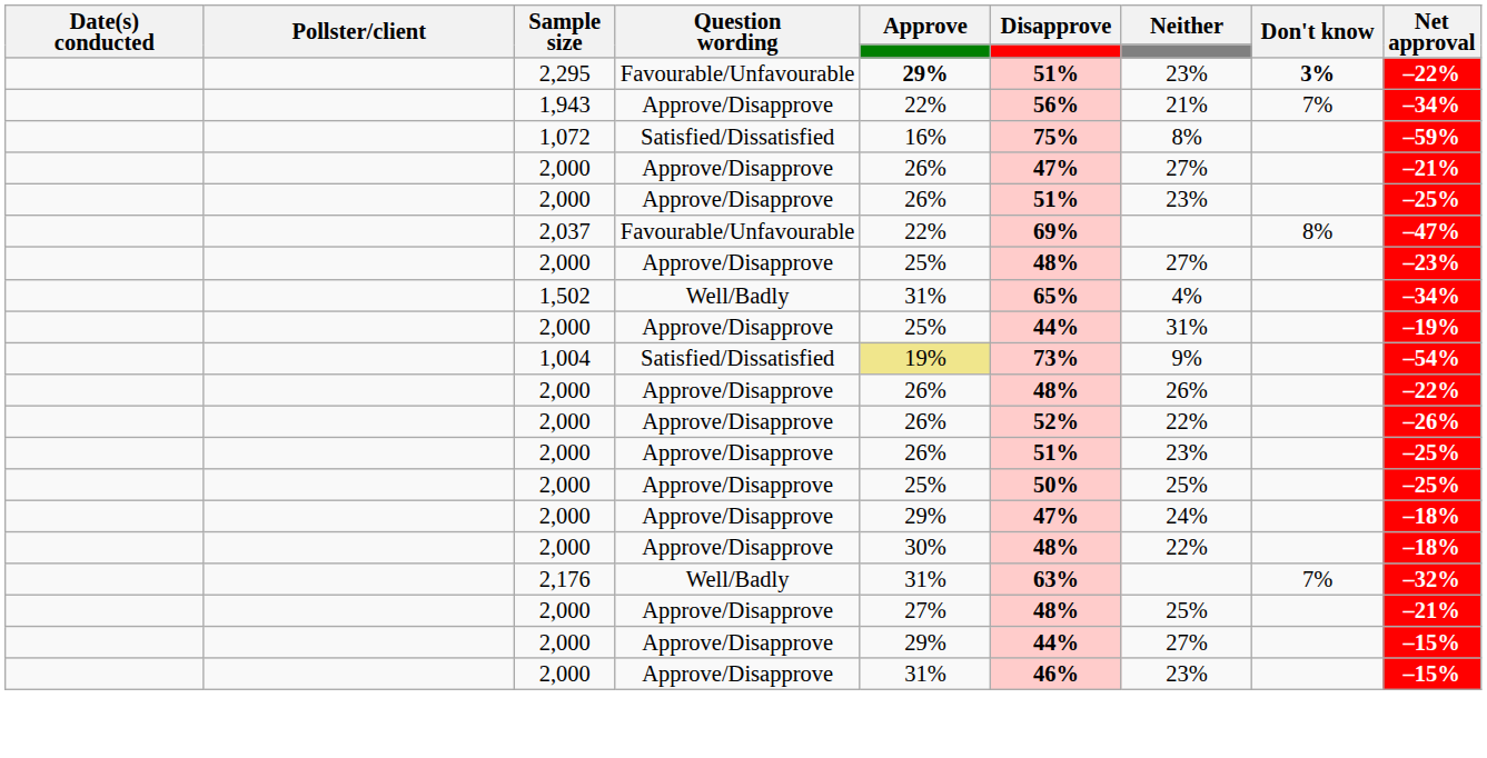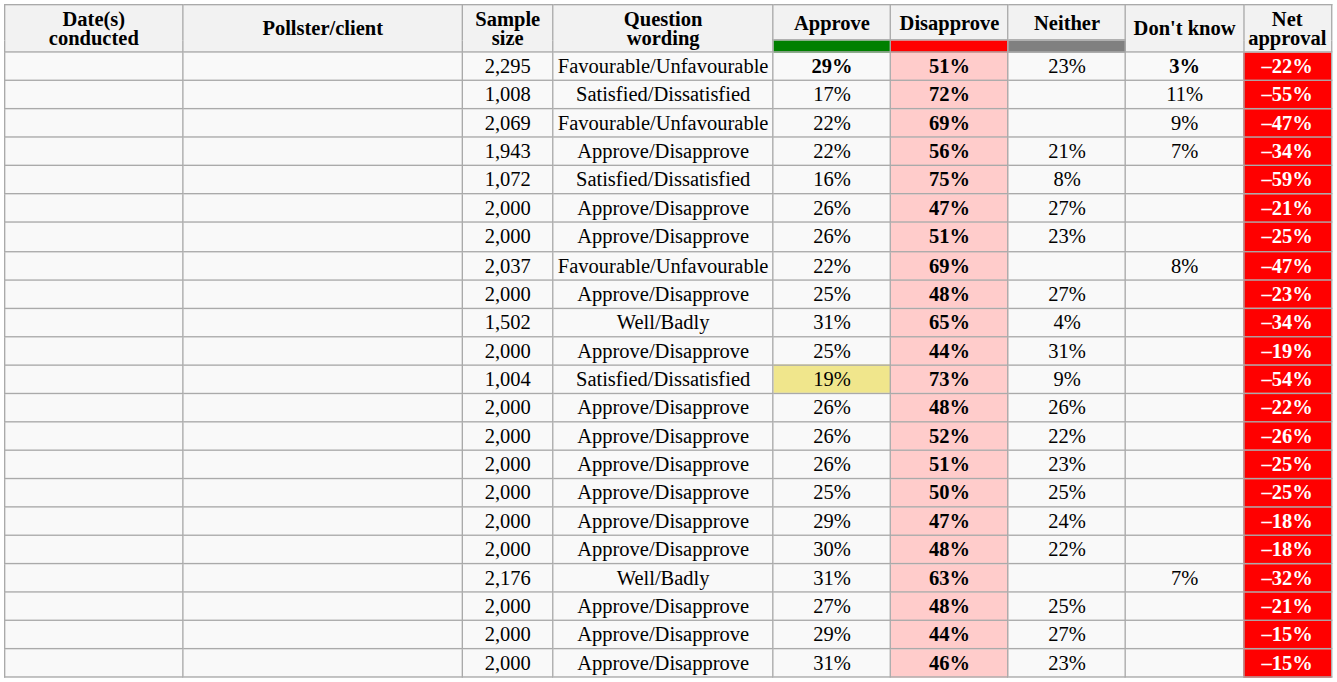 <table class="wikitable collapsible sortable mw-datatable" style="text-align:center;font-size:95%;line-height:14px;">
 <tr>
 <th style="width:125px;" rowspan="2">Date(s)<br>conducted</th>
 <th style="width:200px;" rowspan="2">Pollster/client</th>
 <th style="width:60px;" rowspan="2">Sample size</th>
 <th style="width:120px;" rowspan="2">Question<br>wording</th>
 <th class="unsortable" style="width:80px;">Approve</th>
 <th class="unsortable" style="width: 80px;">Disapprove</th>
 <th class="unsortable" style="width:80px;">Neither</th>
 <th class="unsortable" style="width:80px;" rowspan="2">Don't know</th>
 <th class="unsortable" style="width:20px;" rowspan="2">Net approval</th>
 </tr>
 <tr>
 <th class="unsortable" style="color:inherit;background:green;width:60px;"></th>
 <th class="unsortable" style="color:inherit;background:red;width:60px;"></th>
 <th class="unsortable" style="background:grey;width:60px;"></th>
 </tr>
 <tr>
 <td></td>
 <td></td>
 <td>2,295</td>
 <td>Favourable/Unfavourable</td>
 <td><strong>29%</strong></td>
 <td style="background:#ffcccb"><strong>51%</strong></td>
 <td>23%</td>
 <td><strong>3%</strong></td>
 <td style="background:red;color:white"><strong>–22%</strong></td>
+</tr>
+<tr>
+<td></td>
+<td></td>
+<td>1,008</td>
+<td>Satisfied/Dissatisfied</td>
+<td>17%</td>
+<td style="background:#ffcccb"><strong>72%</strong></td>
+<td></td>
+<td>11%</td>
+<td style="background:red;color:white"><strong>–55%</strong></td>
+</tr>
+<tr>
+<td></td>
+<td></td>
+<td>2,069</td>
+<td>Favourable/Unfavourable</td>
+<td>22%</td>
+<td style="background:#ffcccb"><strong>69%</strong></td>
+<td></td>
+<td>9%</td>
+<td style="background:red;color:white"><strong>–47%</strong></td>
 </tr>
 <tr>
 <td></td>
 <td></td>
 <td>1,943</td>
 <td>Approve/Disapprove</td>
 <td>22%</td>
 <td style="background:#ffcccb"><strong>56%</strong></td>
 <td>21%</td>
 <td>7%</td>
 <td style="background:red;color:white"><strong>–34%</strong></td>
 </tr>
 <tr>
 <td></td>
 <td></td>
 <td>1,072</td>
 <td>Satisfied/Dissatisfied</td>
 <td>16%</td>
 <td style="background:#ffcccb"><strong>75%</strong></td>
 <td>8%</td>
 <td></td>
 <td style="background:red;color:white"><strong>–59%</strong></td>
 </tr>
 <tr>
 <td></td>
 <td></td>
 <td>2,000</td>
 <td>Approve/Disapprove</td>
 <td>26%</td>
 <td style="background:#ffcccb"><strong>47%</strong></td>
 <td>27%</td>
 <td></td>
 <td style="background:red;color:white"><strong>–21%</strong></td>
 </tr>
 <tr>
 <td></td>
 <td></td>
 <td>2,000</td>
 <td>Approve/Disapprove</td>
 <td>26%</td>
 <td style="background:#ffcccb"><strong>51%</strong></td>
 <td>23%</td>
 <td></td>
 <td style="background:red;color:white"><strong>–25%</strong></td>
 </tr>
 <tr>
 <td></td>
 <td></td>
 <td>2,037</td>
 <td>Favourable/Unfavourable</td>
 <td>22%</td>
 <td style="background:#ffcccb"><strong>69%</strong></td>
 <td></td>
 <td>8%</td>
 <td style="background:red;color:white"><strong>–47%</strong></td>
 </tr>
 <tr>
 <td></td>
 <td></td>
 <td>2,000</td>
 <td>Approve/Disapprove</td>
 <td>25%</td>
 <td style="background:#ffcccb"><strong>48%</strong></td>
 <td>27%</td>
 <td></td>
 <td style="background:red;color:white"><strong>–23%</strong></td>
 </tr>
 <tr>
 <td></td>
 <td></td>
 <td>1,502</td>
 <td>Well/Badly</td>
 <td>31%</td>
 <td style="background:#ffcccb"><strong>65%</strong></td>
 <td>4%</td>
 <td></td>
 <td style="background:red;color:white"><strong>–34%</strong></td>
 </tr>
 <tr>
 <td></td>
 <td></td>
 <td>2,000</td>
 <td>Approve/Disapprove</td>
 <td>25%</td>
 <td style="background:#ffcccb"><strong>44%</strong></td>
 <td>31%</td>
 <td></td>
 <td style="background:red;color:white"><strong>–19%</strong></td>
 </tr>
 <tr>
 <td></td>
 <td></td>
 <td>1,004</td>
 <td>Satisfied/Dissatisfied</td>
 <td style="background: khaki;">19%</td>
 <td style="background:#ffcccb"><strong>73%</strong></td>
 <td>9%</td>
 <td></td>
 <td style="background:red;color:white"><strong>–54%</strong></td>
 </tr>
 <tr>
 <td></td>
 <td></td>
 <td>2,000</td>
 <td>Approve/Disapprove</td>
 <td>26%</td>
 <td style="background:#ffcccb"><strong>48%</strong></td>
 <td>26%</td>
 <td></td>
 <td style="background:red;color:white"><strong>–22%</strong></td>
 </tr>
 <tr>
 <td></td>
 <td></td>
 <td>2,000</td>
 <td>Approve/Disapprove</td>
 <td>26%</td>
 <td style="background:#ffcccb"><strong>52%</strong></td>
 <td>22%</td>
 <td></td>
 <td style="background:red;color:white"><strong>–26%</strong></td>
 </tr>
 <tr>
 <td></td>
 <td></td>
 <td>2,000</td>
 <td>Approve/Disapprove</td>
 <td>26%</td>
 <td style="background:#ffcccb"><strong>51%</strong></td>
 <td>23%</td>
 <td></td>
 <td style="background:red;color:white"><strong>–25%</strong></td>
 </tr>
 <tr>
 <td></td>
 <td></td>
 <td>2,000</td>
 <td>Approve/Disapprove</td>
 <td>25%</td>
 <td style="background:#ffcccb"><strong>50%</strong></td>
 <td>25%</td>
 <td></td>
 <td style="background:red;color:white"><strong>–25%</strong></td>
 </tr>
 <tr>
 <td></td>
 <td></td>
 <td>2,000</td>
 <td>Approve/Disapprove</td>
 <td>29%</td>
 <td style="background:#ffcccb"><strong>47%</strong></td>
 <td>24%</td>
 <td></td>
 <td style="background:red;color:white"><strong>–18%</strong></td>
 </tr>
 <tr>
 <td></td>
 <td></td>
 <td>2,000</td>
 <td>Approve/Disapprove</td>
 <td>30%</td>
 <td style="background:#ffcccb"><strong>48%</strong></td>
 <td>22%</td>
 <td></td>
 <td style="background:red;color:white"><strong>–18%</strong></td>
 </tr>
 <tr>
 <td></td>
 <td></td>
 <td>2,176</td>
 <td>Well/Badly</td>
 <td>31%</td>
 <td style="background:#ffcccb"><strong>63%</strong></td>
 <td></td>
 <td>7%</td>
 <td style="background:red;color:white"><strong>–32%</strong></td>
 </tr>
 <tr>
 <td></td>
 <td></td>
 <td>2,000</td>
 <td>Approve/Disapprove</td>
 <td>27%</td>
 <td style="background:#ffcccb"><strong>48%</strong></td>
 <td>25%</td>
 <td></td>
 <td style="background:red;color:white"><strong>–21%</strong></td>
 </tr>
 <tr>
 <td></td>
 <td></td>
 <td>2,000</td>
 <td>Approve/Disapprove</td>
 <td>29%</td>
 <td style="background:#ffcccb"><strong>44%</strong></td>
 <td>27%</td>
 <td></td>
 <td style="background:red;color:white"><strong>–15%</strong></td>
 </tr>
 <tr>
 <td></td>
 <td></td>
 <td>2,000</td>
 <td>Approve/Disapprove</td>
 <td>31%</td>
 <td style="background:#ffcccb"><strong>46%</strong></td>
 <td>23%</td>
 <td></td>
 <td style="background:red;color:white"><strong>–15%</strong></td>
 </tr>
 </table>
